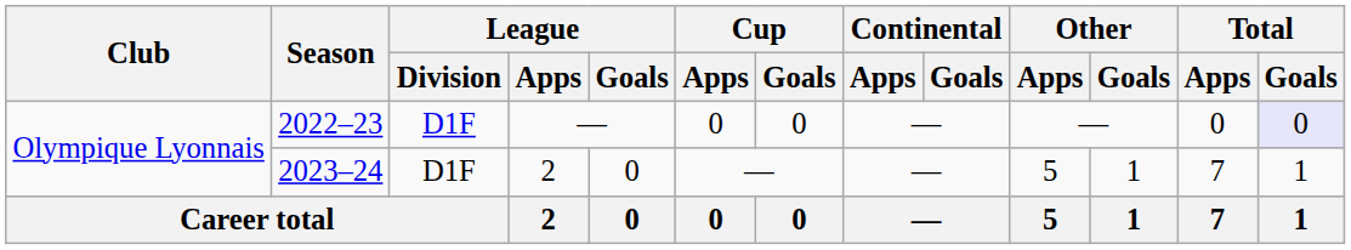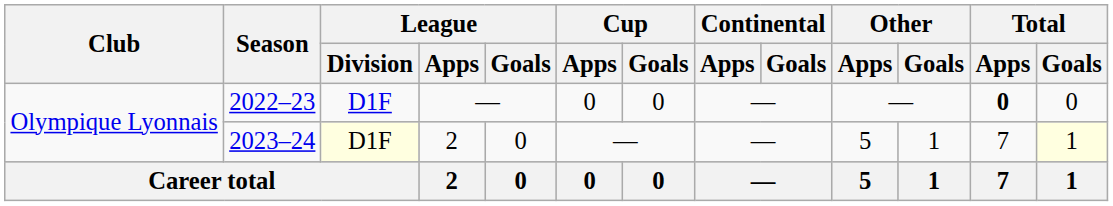 <table class="wikitable" style="text-align: center;">
 <tr>
 <th rowspan="2">Club</th>
 <th rowspan="2">Season</th>
 <th colspan="3">League</th>
 <th colspan="2">Cup</th>
 <th colspan="2">Continental</th>
 <th colspan="2">Other</th>
 <th colspan="2">Total</th>
 </tr>
 <tr>
 <th>Division</th>
 <th>Apps</th>
 <th>Goals</th>
 <th>Apps</th>
 <th>Goals</th>
 <th>Apps</th>
 <th>Goals</th>
 <th>Apps</th>
 <th>Goals</th>
 <th>Apps</th>
 <th>Goals</th>
 </tr>
 <tr>
 <td rowspan="2"><a href='#'>Olympique Lyonnais</a></td>
 <td><a href='#'>2022–23</a></td>
 <td><a href='#'>D1F</a></td>
 <td colspan="2">—</td>
 <td>0</td>
 <td>0</td>
 <td colspan="2">—</td>
 <td colspan="2">—</td>
+<td><strong>0</strong></td>
 <td>0</td>
-<td style="background: lavender;">0</td>
 </tr>
 <tr>
 <td><a href='#'>2023–24</a></td>
-<td>D1F</td>
+<td style="background: lightyellow;">D1F</td>
 <td>2</td>
 <td>0</td>
 <td colspan="2">—</td>
 <td colspan="2">—</td>
 <td>5</td>
 <td>1</td>
 <td>7</td>
-<td>1</td>
+<td style="background: lightyellow;">1</td>
 </tr>
 <tr>
 <th colspan=3>Career total</th>
 <th>2</th>
 <th>0</th>
 <th>0</th>
 <th>0</th>
 <th colspan="2">—</th>
 <th>5</th>
 <th>1</th>
 <th>7</th>
 <th>1</th>
 </tr>
 </table>
